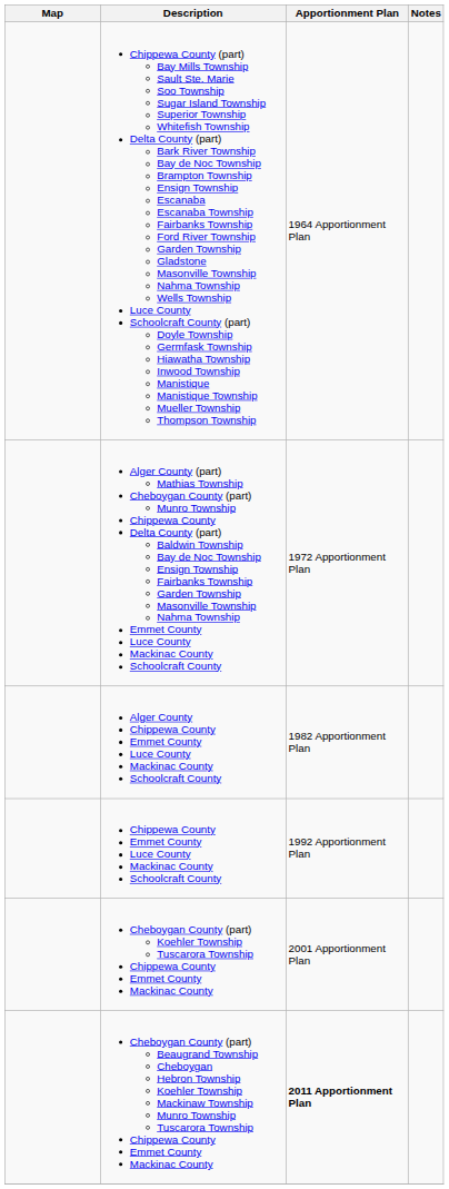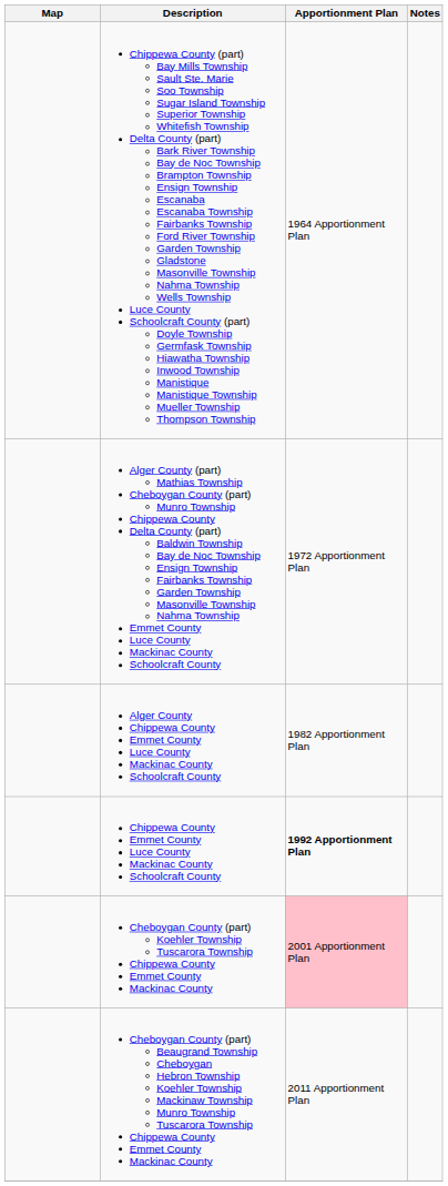 <table class="wikitable sortable">
 <tr>
 <th style="width:100pt;">Map</th>
 <th style="width:200pt;">Description</th>
 <th style="width:130pt;">Apportionment Plan</th>
 <th style="width:15pt;">Notes</th>
 </tr>
 <tr>
 <td></td>
 <td><br><ul><li><a href='#'>Chippewa County</a> (part)<ul><li><a href='#'>Bay Mills Township</a></li><li><a href='#'>Sault Ste. Marie</a></li><li><a href='#'>Soo Township</a></li><li><a href='#'>Sugar Island Township</a></li><li><a href='#'>Superior Township</a></li><li><a href='#'>Whitefish Township</a></li></ul></li><li><a href='#'>Delta County</a> (part)<ul><li><a href='#'>Bark River Township</a></li><li><a href='#'>Bay de Noc Township</a></li><li><a href='#'>Brampton Township</a></li><li><a href='#'>Ensign Township</a></li><li><a href='#'>Escanaba</a></li><li><a href='#'>Escanaba Township</a></li><li><a href='#'>Fairbanks Township</a></li><li><a href='#'>Ford River Township</a></li><li><a href='#'>Garden Township</a></li><li><a href='#'>Gladstone</a></li><li><a href='#'>Masonville Township</a></li><li><a href='#'>Nahma Township</a></li><li><a href='#'>Wells Township</a></li></ul></li><li><a href='#'>Luce County</a></li><li><a href='#'>Schoolcraft County</a> (part)<ul><li><a href='#'>Doyle Township</a></li><li><a href='#'>Germfask Township</a></li><li><a href='#'>Hiawatha Township</a></li><li><a href='#'>Inwood Township</a></li><li><a href='#'>Manistique</a></li><li><a href='#'>Manistique Township</a></li><li><a href='#'>Mueller Township</a></li><li><a href='#'>Thompson Township</a></li></ul></li></ul></td>
 <td>1964 Apportionment Plan</td>
 <td></td>
 </tr>
 <tr>
 <td></td>
 <td><br><ul><li><a href='#'>Alger County</a> (part)<ul><li><a href='#'>Mathias Township</a></li></ul></li><li><a href='#'>Cheboygan County</a> (part)<ul><li><a href='#'>Munro Township</a></li></ul></li><li><a href='#'>Chippewa County</a></li><li><a href='#'>Delta County</a> (part)<ul><li><a href='#'>Baldwin Township</a></li><li><a href='#'>Bay de Noc Township</a></li><li><a href='#'>Ensign Township</a></li><li><a href='#'>Fairbanks Township</a></li><li><a href='#'>Garden Township</a></li><li><a href='#'>Masonville Township</a></li><li><a href='#'>Nahma Township</a></li></ul></li><li><a href='#'>Emmet County</a></li><li><a href='#'>Luce County</a></li><li><a href='#'>Mackinac County</a></li><li><a href='#'>Schoolcraft County</a></li></ul></td>
 <td>1972 Apportionment Plan</td>
 <td></td>
 </tr>
 <tr>
 <td></td>
 <td><br><ul><li><a href='#'>Alger County</a></li><li><a href='#'>Chippewa County</a></li><li><a href='#'>Emmet County</a></li><li><a href='#'>Luce County</a></li><li><a href='#'>Mackinac County</a></li><li><a href='#'>Schoolcraft County</a></li></ul></td>
 <td>1982 Apportionment Plan</td>
 <td></td>
 </tr>
 <tr>
 <td></td>
 <td><br><ul><li><a href='#'>Chippewa County</a></li><li><a href='#'>Emmet County</a></li><li><a href='#'>Luce County</a></li><li><a href='#'>Mackinac County</a></li><li><a href='#'>Schoolcraft County</a></li></ul></td>
-<td>1992 Apportionment Plan</td>
+<td><strong>1992 Apportionment Plan</strong></td>
 <td></td>
 </tr>
 <tr>
 <td></td>
 <td><br><ul><li><a href='#'>Cheboygan County</a> (part)<ul><li><a href='#'>Koehler Township</a></li><li><a href='#'>Tuscarora Township</a></li></ul></li><li><a href='#'>Chippewa County</a></li><li><a href='#'>Emmet County</a></li><li><a href='#'>Mackinac County</a></li></ul></td>
-<td>2001 Apportionment Plan</td>
+<td style="background: pink;">2001 Apportionment Plan</td>
 <td></td>
 </tr>
 <tr>
 <td></td>
 <td><br><ul><li><a href='#'>Cheboygan County</a> (part)<ul><li><a href='#'>Beaugrand Township</a></li><li><a href='#'>Cheboygan</a></li><li><a href='#'>Hebron Township</a></li><li><a href='#'>Koehler Township</a></li><li><a href='#'>Mackinaw Township</a></li><li><a href='#'>Munro Township</a></li><li><a href='#'>Tuscarora Township</a></li></ul></li><li><a href='#'>Chippewa County</a></li><li><a href='#'>Emmet County</a></li><li><a href='#'>Mackinac County</a></li></ul></td>
-<td><strong>2011 Apportionment Plan</strong></td>
+<td>2011 Apportionment Plan</td>
 <td></td>
 </tr>
 <tr>
 </tr>
 </table>
